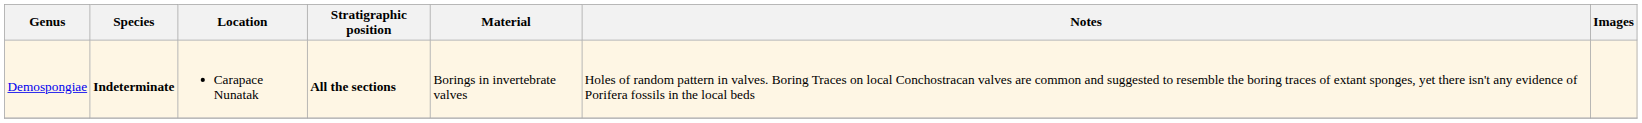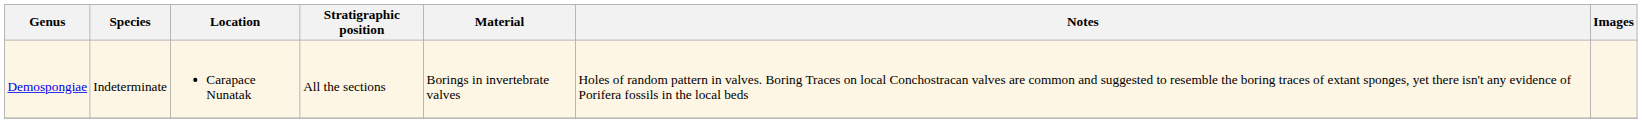 <table class="wikitable sortable">
 <tr>
 <th>Genus</th>
 <th>Species</th>
 <th>Location</th>
 <th>Stratigraphic position</th>
 <th>Material</th>
 <th>Notes</th>
 <th>Images</th>
 </tr>
 <tr>
 <td style="background:#FEF6E4;"><br><a href='#'>Demospongiae</a></td>
-<td style="background:#FEF6E4;"><strong><br>Indeterminate</strong></td>
+<td style="background:#FEF6E4;"><br>Indeterminate</td>
 <td style="background:#FEF6E4;"><br><ul><li>Carapace Nunatak</li></ul></td>
-<td style="background:#FEF6E4;"><strong><br>All the sections</strong></td>
+<td style="background:#FEF6E4;"><br>All the sections</td>
 <td style="background:#FEF6E4;"><br>Borings in invertebrate valves</td>
 <td style="background:#FEF6E4;"><br>Holes of random pattern in valves. Boring Traces on local Conchostracan valves are common and suggested to resemble the boring traces of extant sponges, yet there isn't any evidence of Porifera fossils in the local beds</td>
 <td style="background:#FEF6E4;"></td>
 </tr>
 <tr>
 </tr>
 </table>
